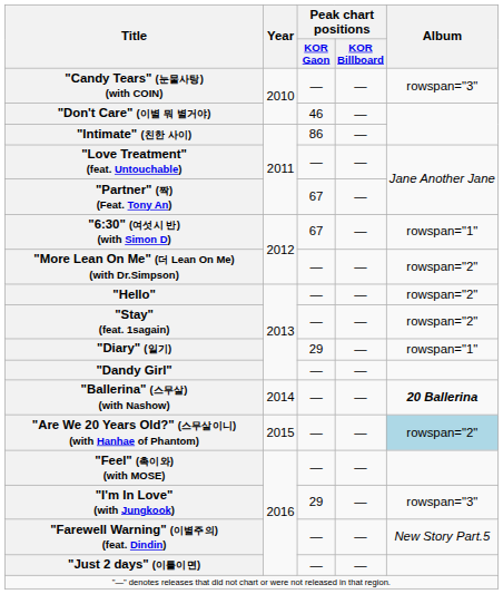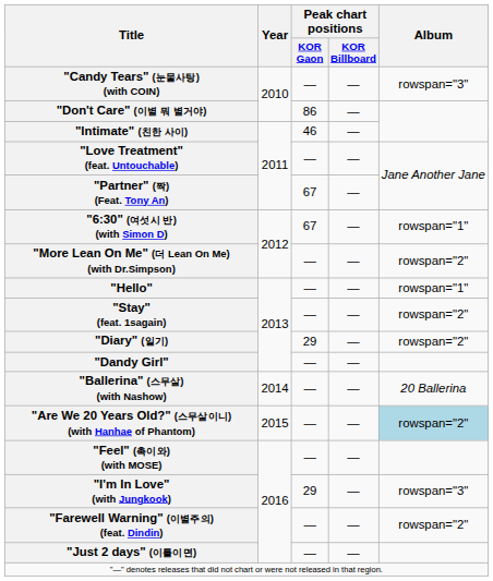 <table class="wikitable plainrowheaders" style="text-align:center;">
 <tr>
 <th scope="col" rowspan="2" style="width:20em;">Title</th>
 <th scope="col" rowspan="2">Year</th>
 <th scope="col" colspan="2">Peak chart positions</th>
 <th scope="col" rowspan="2">Album</th>
 </tr>
 <tr>
 <th scope="col" style="width:3em;font-size:85%;"><a href='#'>KOR<br>Gaon</a><br></th>
 <th scope="col" style="width:3em;font-size:85%;"><a href='#'>KOR<br>Billboard</a><br></th>
 </tr>
 <tr>
 <th scope="row">"Candy Tears" <small>(눈물사탕)</small><br><small>(with COIN)</small></th>
 <td rowspan="2">2010</td>
 <td>—</td>
 <td>—</td>
 <td>rowspan="3" </td>
 </tr>
 <tr>
 <th scope="row">"Don't Care" <small>(이별 뭐 별거야)</small></th>
-<td>46</td>
+<td>86</td>
 <td>—</td>
 </tr>
 <tr>
 <th scope="row">"Intimate" <small>(친한 사이)</small></th>
 <td rowspan="3">2011</td>
-<td>86</td>
+<td>46</td>
 <td>—</td>
 </tr>
 <tr>
 <th scope="row">"Love Treatment" <br><small>(feat. <a href='#'>Untouchable</a>)</small></th>
 <td>—</td>
 <td>—</td>
 <td rowspan="2"><em>Jane Another Jane</em></td>
 </tr>
 <tr>
 <th scope="row">"Partner" <small>(짝)</small><br><small>(Feat. <a href='#'>Tony An</a>)</small></th>
 <td>67</td>
 <td>—</td>
 </tr>
 <tr>
 <th scope="row">"6:30" <small>(여섯시 반)</small><br><small>(with <a href='#'>Simon D</a>)</small></th>
 <td rowspan="2">2012</td>
 <td>67</td>
 <td>—</td>
 <td>rowspan="1" </td>
 </tr>
 <tr>
 <th scope="row">"More Lean On Me" <small>(더 Lean On Me)</small><br><small>(with Dr.Simpson)</small></th>
 <td>—</td>
 <td>—</td>
 <td>rowspan="2" </td>
 </tr>
 <tr>
 <th scope="row">"Hello"</th>
 <td rowspan="4">2013</td>
 <td>—</td>
 <td>—</td>
-<td>rowspan="2" </td>
+<td>rowspan="1" </td>
 </tr>
 <tr>
 <th scope="row">"Stay" <br><small>(feat. 1sagain)</small></th>
 <td>—</td>
 <td>—</td>
 <td>rowspan="2" </td>
 </tr>
 <tr>
 <th scope="row">"Diary" <small>(일기)</small></th>
 <td>29</td>
 <td>—</td>
-<td>rowspan="1" </td>
+<td>rowspan="2" </td>
 </tr>
 <tr>
 <th scope="row">"Dandy Girl"</th>
 <td>—</td>
 <td>—</td>
 </tr>
 <tr>
 <th scope="row">"Ballerina" <small>(스무살)</small><br><small>(with Nashow)</small></th>
 <td rowspan="1">2014</td>
 <td>—</td>
 <td>—</td>
-<td><strong><em>20 Ballerina</em></strong></td>
+<td><em>20 Ballerina</em></td>
 </tr>
 <tr>
 <th scope="row">"Are We 20 Years Old?" <small>(스무살이니)</small><br><small>(with <a href='#'>Hanhae</a> of Phantom)</small></th>
 <td rowspan="1">2015</td>
 <td>—</td>
 <td>—</td>
 <td style="background: lightblue;">rowspan="2" </td>
 </tr>
 <tr>
 <th scope="row">"Feel" <small>(촉이와)</small><br><small>(with MOSE)</small></th>
 <td rowspan="4">2016</td>
 <td>—</td>
 <td>—</td>
 </tr>
 <tr>
 <th scope="row">"I'm In Love" <br><small>(with <a href='#'>Jungkook</a>)</small></th>
 <td>29</td>
 <td>—</td>
 <td>rowspan="3" </td>
 </tr>
 <tr>
 <th scope="row">"Farewell Warning" <small>(이별주의)</small><br><small>(feat. <a href='#'>Dindin</a>)</small></th>
 <td>—</td>
 <td>—</td>
-<td rowspan="1"><em>New Story Part.5</em></td>
+<td>rowspan="2" </td>
 </tr>
 <tr>
 <th scope="row">"Just 2 days" <small>(이틀이면)</small></th>
 <td>—</td>
 <td>—</td>
 </tr>
 <tr>
 <td colspan="5" style="font-size:8pt;">"—" denotes releases that did not chart or were not released in that region.</td>
 </tr>
 </table>
